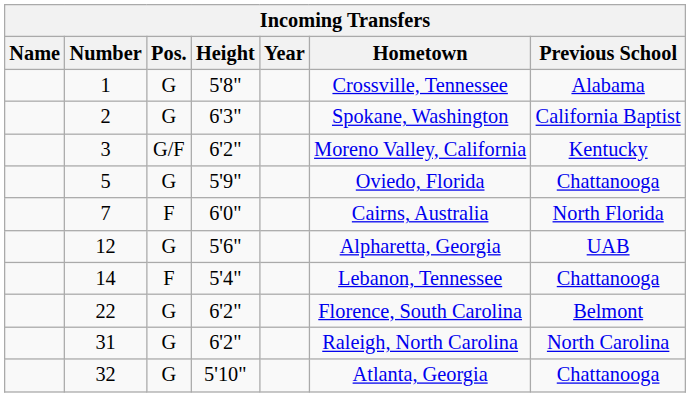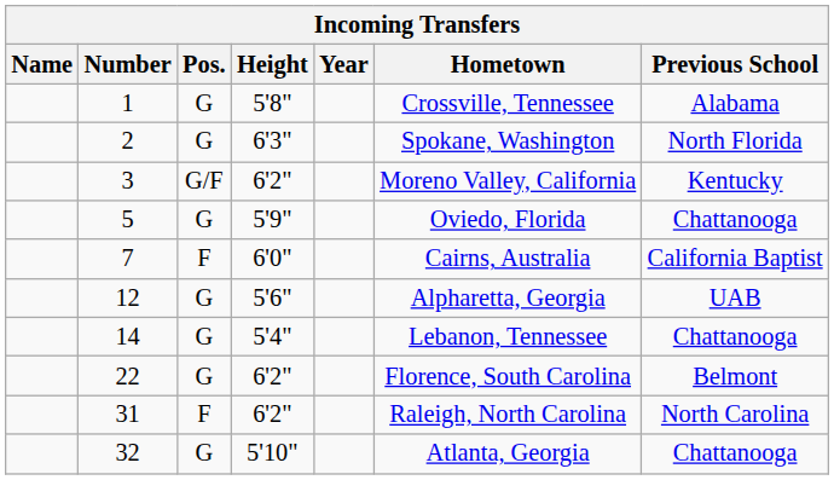 <table class="wikitable sortable" border="1" style="text-align: center;">
 <tr>
 <th colspan=7>Incoming Transfers</th>
 </tr>
 <tr align=center>
 <th>Name</th>
 <th>Number</th>
 <th>Pos.</th>
 <th>Height</th>
 <th>Year</th>
 <th>Hometown</th>
 <th>Previous School</th>
 </tr>
 <tr>
 <td></td>
 <td>1</td>
 <td>G</td>
 <td>5'8"</td>
 <td></td>
 <td><a href='#'>Crossville, Tennessee</a></td>
 <td><a href='#'>Alabama</a></td>
 </tr>
 <tr>
 <td></td>
 <td>2</td>
 <td>G</td>
 <td>6'3"</td>
 <td></td>
 <td><a href='#'>Spokane, Washington</a></td>
-<td><a href='#'>California Baptist</a></td>
+<td><a href='#'>North Florida</a></td>
 </tr>
 <tr>
 <td></td>
 <td>3</td>
 <td>G/F</td>
 <td>6'2"</td>
 <td></td>
 <td><a href='#'>Moreno Valley, California</a></td>
 <td><a href='#'>Kentucky</a></td>
 </tr>
 <tr>
 <td></td>
 <td>5</td>
 <td>G</td>
 <td>5'9"</td>
 <td></td>
 <td><a href='#'>Oviedo, Florida</a></td>
 <td><a href='#'>Chattanooga</a></td>
 </tr>
 <tr>
 <td></td>
 <td>7</td>
 <td>F</td>
 <td>6'0"</td>
 <td></td>
 <td><a href='#'>Cairns, Australia</a></td>
-<td><a href='#'>North Florida</a></td>
+<td><a href='#'>California Baptist</a></td>
 </tr>
 <tr>
 <td></td>
 <td>12</td>
 <td>G</td>
 <td>5'6"</td>
 <td></td>
 <td><a href='#'>Alpharetta, Georgia</a></td>
 <td><a href='#'>UAB</a></td>
 </tr>
 <tr>
 <td></td>
 <td>14</td>
-<td>F</td>
+<td>G</td>
 <td>5'4"</td>
 <td></td>
 <td><a href='#'>Lebanon, Tennessee</a></td>
 <td><a href='#'>Chattanooga</a></td>
 </tr>
 <tr>
 <td></td>
 <td>22</td>
 <td>G</td>
 <td>6'2"</td>
 <td></td>
 <td><a href='#'>Florence, South Carolina</a></td>
 <td><a href='#'>Belmont</a></td>
 </tr>
 <tr>
 <td></td>
 <td>31</td>
-<td>G</td>
+<td>F</td>
 <td>6'2"</td>
 <td></td>
 <td><a href='#'>Raleigh, North Carolina</a></td>
 <td><a href='#'>North Carolina</a></td>
 </tr>
 <tr>
 <td></td>
 <td>32</td>
 <td>G</td>
 <td>5'10"</td>
 <td></td>
 <td><a href='#'>Atlanta, Georgia</a></td>
 <td><a href='#'>Chattanooga</a></td>
 </tr>
 </table>
